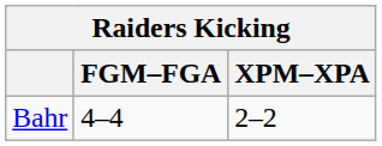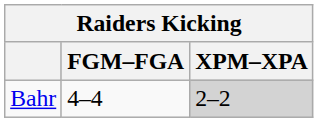 <table class="wikitable">
 <tr>
 <th colspan="3">Raiders Kicking</th>
 </tr>
 <tr>
 <th></th>
 <th>FGM–FGA</th>
 <th>XPM–XPA</th>
 </tr>
 <tr>
 <td><a href='#'>Bahr</a></td>
 <td>4–4</td>
-<td>2–2</td>
+<td style="background: lightgrey;">2–2</td>
 </tr>
 </table>
